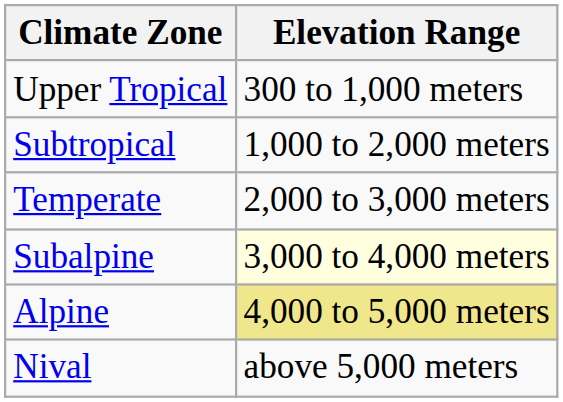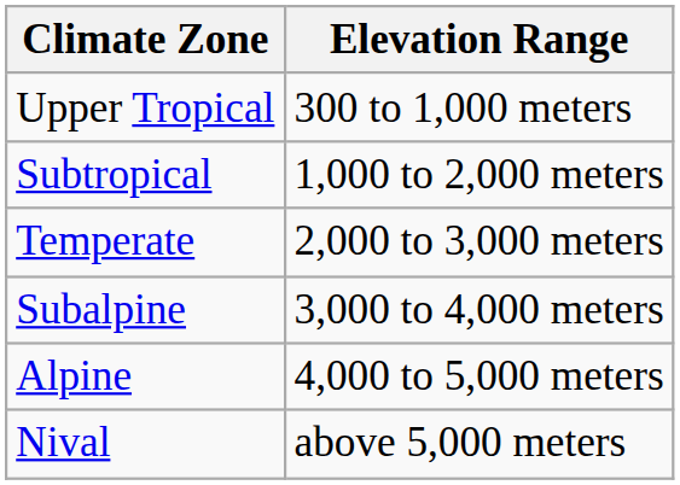 <table class="wikitable">
 <tr>
 <th>Climate Zone</th>
 <th>Elevation Range</th>
 </tr>
 <tr>
 <td>Upper <a href='#'>Tropical</a></td>
 <td>300 to 1,000 meters</td>
 </tr>
 <tr>
 <td><a href='#'>Subtropical</a></td>
 <td>1,000 to 2,000 meters</td>
 </tr>
 <tr>
 <td><a href='#'>Temperate</a></td>
 <td>2,000 to 3,000 meters</td>
 </tr>
 <tr>
 <td><a href='#'>Subalpine</a></td>
-<td style="background: lightyellow;">3,000 to 4,000 meters</td>
+<td>3,000 to 4,000 meters</td>
 </tr>
 <tr>
 <td><a href='#'>Alpine</a></td>
-<td style="background: khaki;">4,000 to 5,000 meters</td>
+<td>4,000 to 5,000 meters</td>
 </tr>
 <tr>
 <td><a href='#'>Nival</a></td>
 <td>above 5,000 meters</td>
 </tr>
 </table>
